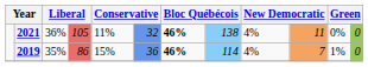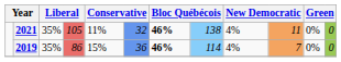 <table class="wikitable" style="width:400; font-size:90%; margin-left:1em;">
 <tr>
 <th colspan="2" scope="col">Year</th>
 <th colspan="2" scope="col"><a href='#'>Liberal</a></th>
 <th colspan="2" scope="col"><a href='#'>Conservative</a></th>
 <th colspan="2" scope="col"><a href='#'>Bloc Québécois</a></th>
 <th colspan="2" scope="col"><a href='#'>New Democratic</a></th>
 <th colspan="2" scope="col"><a href='#'>Green</a></th>
 </tr>
 <tr>
 <td rowspan="2" style="width: 0.25em; background-color: "></td>
 <th><a href='#'>2021</a></th>
-<td>36%</td>
+<td>35%</td>
 <td style="text-align:right; background:#EA6D6A;"><em>105</em></td>
 <td>11%</td>
 <td style="text-align:right; background:#6495ED;"><em>32</em></td>
 <td><strong>46%</strong></td>
 <td style="text-align:right; background:#87CEFA;"><em>138</em></td>
 <td>4%</td>
 <td style="text-align:right; background:#F4A460;"><em>11</em></td>
 <td>0%</td>
 <td style="text-align:right; background:#99C955;"><em>0</em></td>
 </tr>
 <tr>
 <th><a href='#'>2019</a></th>
 <td>35%</td>
 <td style="text-align:right; background:#EA6D6A;"><em>86</em></td>
 <td>15%</td>
 <td style="text-align:right; background:#6495ED;"><em>36</em></td>
 <td><strong>46%</strong></td>
 <td style="text-align:right; background:#87CEFA;"><em>114</em></td>
 <td>4%</td>
 <td style="text-align:right; background:#F4A460;"><em>7</em></td>
-<td>1%</td>
+<td>0%</td>
 <td style="text-align:right; background:#99C955;"><em>0</em></td>
 </tr>
 <tr>
 </tr>
 </table>
